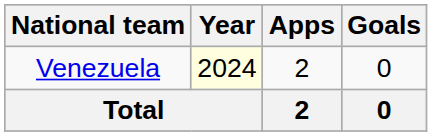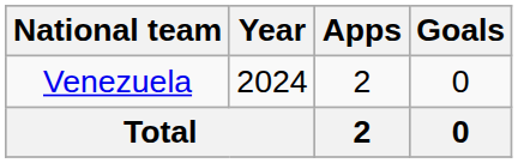 <table class="wikitable" style="text-align:center">
 <tr>
 <th>National team</th>
 <th>Year</th>
 <th>Apps</th>
 <th>Goals</th>
 </tr>
 <tr>
 <td rowspan="1"><a href='#'>Venezuela</a></td>
-<td style="background: lightyellow;">2024</td>
+<td>2024</td>
 <td>2</td>
 <td>0</td>
 </tr>
 <tr>
 <th colspan="2">Total</th>
 <th>2</th>
 <th>0</th>
 </tr>
 </table>
